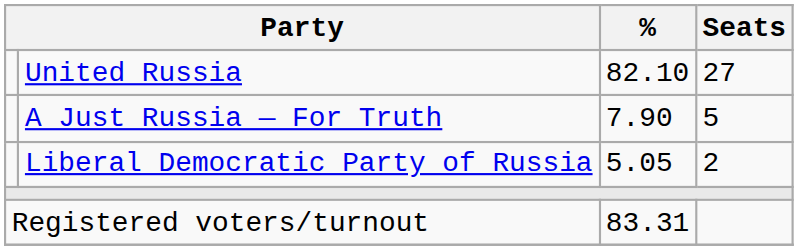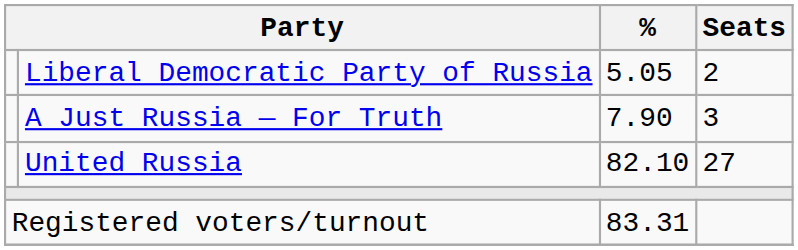 <table class="wikitable">
 <tr>
 <th colspan=2>Party</th>
 <th>%</th>
 <th>Seats</th>
 </tr>
 <tr>
 <td style="background:"></td>
-<td><a href='#'>United Russia</a></td>
-<td>82.10</td>
-<td>27</td>
+<td><a href='#'>Liberal Democratic Party of Russia</a></td>
+<td>5.05</td>
+<td>2</td>
 </tr>
 <tr>
 <td style="background:"></td>
 <td><a href='#'>A Just Russia — For Truth</a></td>
 <td>7.90</td>
-<td>5</td>
+<td>3</td>
 </tr>
 <tr>
 <td style="background:"></td>
-<td><a href='#'>Liberal Democratic Party of Russia</a></td>
-<td>5.05</td>
-<td>2</td>
+<td><a href='#'>United Russia</a></td>
+<td>82.10</td>
+<td>27</td>
 </tr>
 <tr>
 <td colspan=4 style="background:#E9E9E9;"></td>
 </tr>
 <tr>
 <td align=left colspan=2>Registered voters/turnout</td>
 <td>83.31</td>
 <td></td>
 </tr>
 <tr>
 </tr>
 </table>
